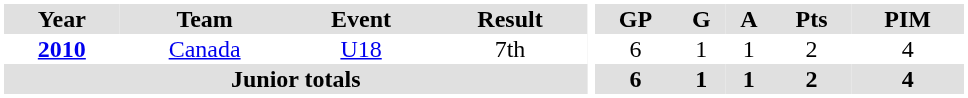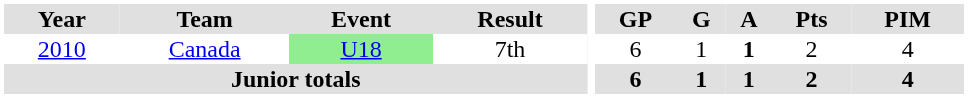 <table border="0" cellpadding="1" cellspacing="0" ID="Table3" style="text-align:center; width:40em">
 <tr ALIGN="center" bgcolor="#e0e0e0">
 <th>Year</th>
 <th>Team</th>
 <th>Event</th>
 <th>Result</th>
 <th rowspan="99" bgcolor="#ffffff"></th>
 <th>GP</th>
 <th>G</th>
 <th>A</th>
 <th>Pts</th>
 <th>PIM</th>
 </tr>
 <tr>
-<td><strong><a href='#'>2010</a></strong></td>
+<td><a href='#'>2010</a></td>
 <td><a href='#'>Canada</a></td>
-<td><a href='#'>U18</a></td>
+<td style="background: lightgreen;"><a href='#'>U18</a></td>
 <td>7th</td>
 <td>6</td>
 <td>1</td>
-<td>1</td>
+<td><strong>1</strong></td>
 <td>2</td>
 <td>4</td>
 </tr>
 <tr bgcolor="#e0e0e0">
 <th colspan="4">Junior totals</th>
 <th>6</th>
 <th>1</th>
 <th>1</th>
 <th>2</th>
 <th>4</th>
 </tr>
 </table>
